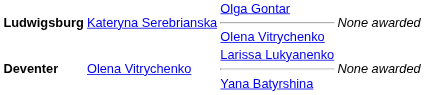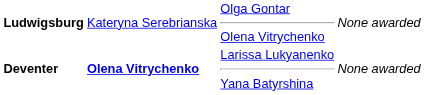 <table>
 <tr>
 <th scope=row style="text-align:left">Ludwigsburg</th>
 <td style="height:30px;"> <a href='#'>Kateryna Serebrianska</a></td>
 <td style="height:30px;"> <a href='#'>Olga Gontar</a><hr> <a href='#'>Olena Vitrychenko</a></td>
 <td style="height:30px;"><em>None awarded</em></td>
 </tr>
 <tr>
 <th scope=row style="text-align:left">Deventer</th>
-<td style="height:30px;"> <a href='#'>Olena Vitrychenko</a></td>
+<td style="height:30px;"><strong> <a href='#'>Olena Vitrychenko</a></strong></td>
 <td style="height:30px;"> <a href='#'>Larissa Lukyanenko</a><hr> <a href='#'>Yana Batyrshina</a></td>
 <td style="height:30px;"><em>None awarded</em></td>
 </tr>
 <tr>
 </tr>
 </table>
